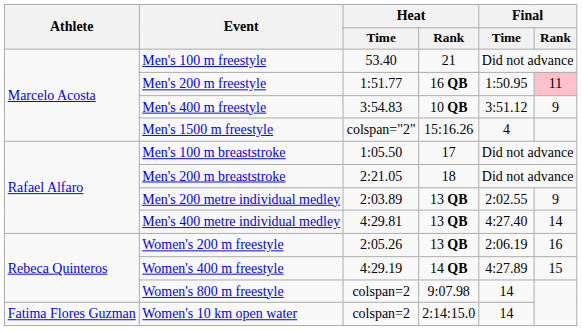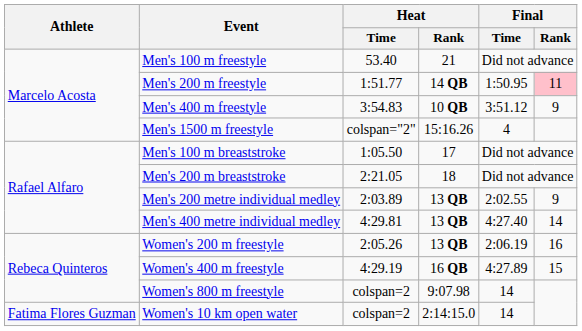 <table class=wikitable style="font-size:90%">
 <tr>
 <th rowspan="2">Athlete</th>
 <th rowspan="2">Event</th>
 <th colspan="2">Heat</th>
 <th colspan="2">Final</th>
 </tr>
 <tr style="font-size:95%">
 <th>Time</th>
 <th>Rank</th>
 <th>Time</th>
 <th>Rank</th>
 </tr>
 <tr align=center>
 <td align=left rowspan="4"><a href='#'>Marcelo Acosta</a></td>
 <td align=left><a href='#'>Men's 100 m freestyle</a></td>
 <td>53.40</td>
 <td>21</td>
 <td colspan="2">Did not advance</td>
 </tr>
 <tr align=center>
 <td align=left><a href='#'>Men's 200 m freestyle</a></td>
 <td>1:51.77</td>
-<td>16 <strong>QB</strong></td>
+<td>14 <strong>QB</strong></td>
 <td>1:50.95</td>
 <td style="background: pink;">11</td>
 </tr>
 <tr align=center>
 <td align=left><a href='#'>Men's 400 m freestyle</a></td>
 <td>3:54.83</td>
 <td>10 <strong>QB</strong></td>
 <td>3:51.12</td>
 <td>9</td>
 </tr>
 <tr align=center>
 <td align=left><a href='#'>Men's 1500 m freestyle</a></td>
 <td>colspan="2" </td>
 <td>15:16.26</td>
 <td>4</td>
 </tr>
 <tr align=center>
 <td align=left rowspan="4"><a href='#'>Rafael Alfaro</a></td>
 <td align=left><a href='#'>Men's 100 m breaststroke</a></td>
 <td>1:05.50</td>
 <td>17</td>
 <td colspan="2">Did not advance</td>
 </tr>
 <tr align=center>
 <td align=left><a href='#'>Men's 200 m breaststroke</a></td>
 <td>2:21.05</td>
 <td>18</td>
 <td colspan="2">Did not advance</td>
 </tr>
 <tr align=center>
 <td align=left><a href='#'>Men's 200 metre individual medley</a></td>
 <td>2:03.89</td>
 <td>13 <strong>QB</strong></td>
 <td>2:02.55</td>
 <td>9</td>
 </tr>
 <tr align=center>
 <td align=left><a href='#'>Men's 400 metre individual medley</a></td>
 <td>4:29.81</td>
 <td>13 <strong>QB</strong></td>
 <td>4:27.40</td>
 <td>14</td>
 </tr>
 <tr align=center>
 <td align=left rowspan="3"><a href='#'>Rebeca Quinteros</a></td>
 <td align=left><a href='#'>Women's 200 m freestyle</a></td>
 <td>2:05.26</td>
 <td>13 <strong>QB</strong></td>
 <td>2:06.19</td>
 <td>16</td>
 </tr>
 <tr align=center>
 <td align=left><a href='#'>Women's 400 m freestyle</a></td>
 <td>4:29.19</td>
-<td>14 <strong>QB</strong></td>
+<td>16 <strong>QB</strong></td>
 <td>4:27.89</td>
 <td>15</td>
 </tr>
 <tr align=center>
 <td align=left><a href='#'>Women's 800 m freestyle</a></td>
 <td>colspan=2 </td>
 <td>9:07.98</td>
 <td>14</td>
 </tr>
 <tr align=center>
 <td align=left><a href='#'>Fatima Flores Guzman</a></td>
 <td align=left><a href='#'>Women's 10 km open water</a></td>
 <td>colspan=2 </td>
 <td>2:14:15.0</td>
 <td>14</td>
 </tr>
 </table>
